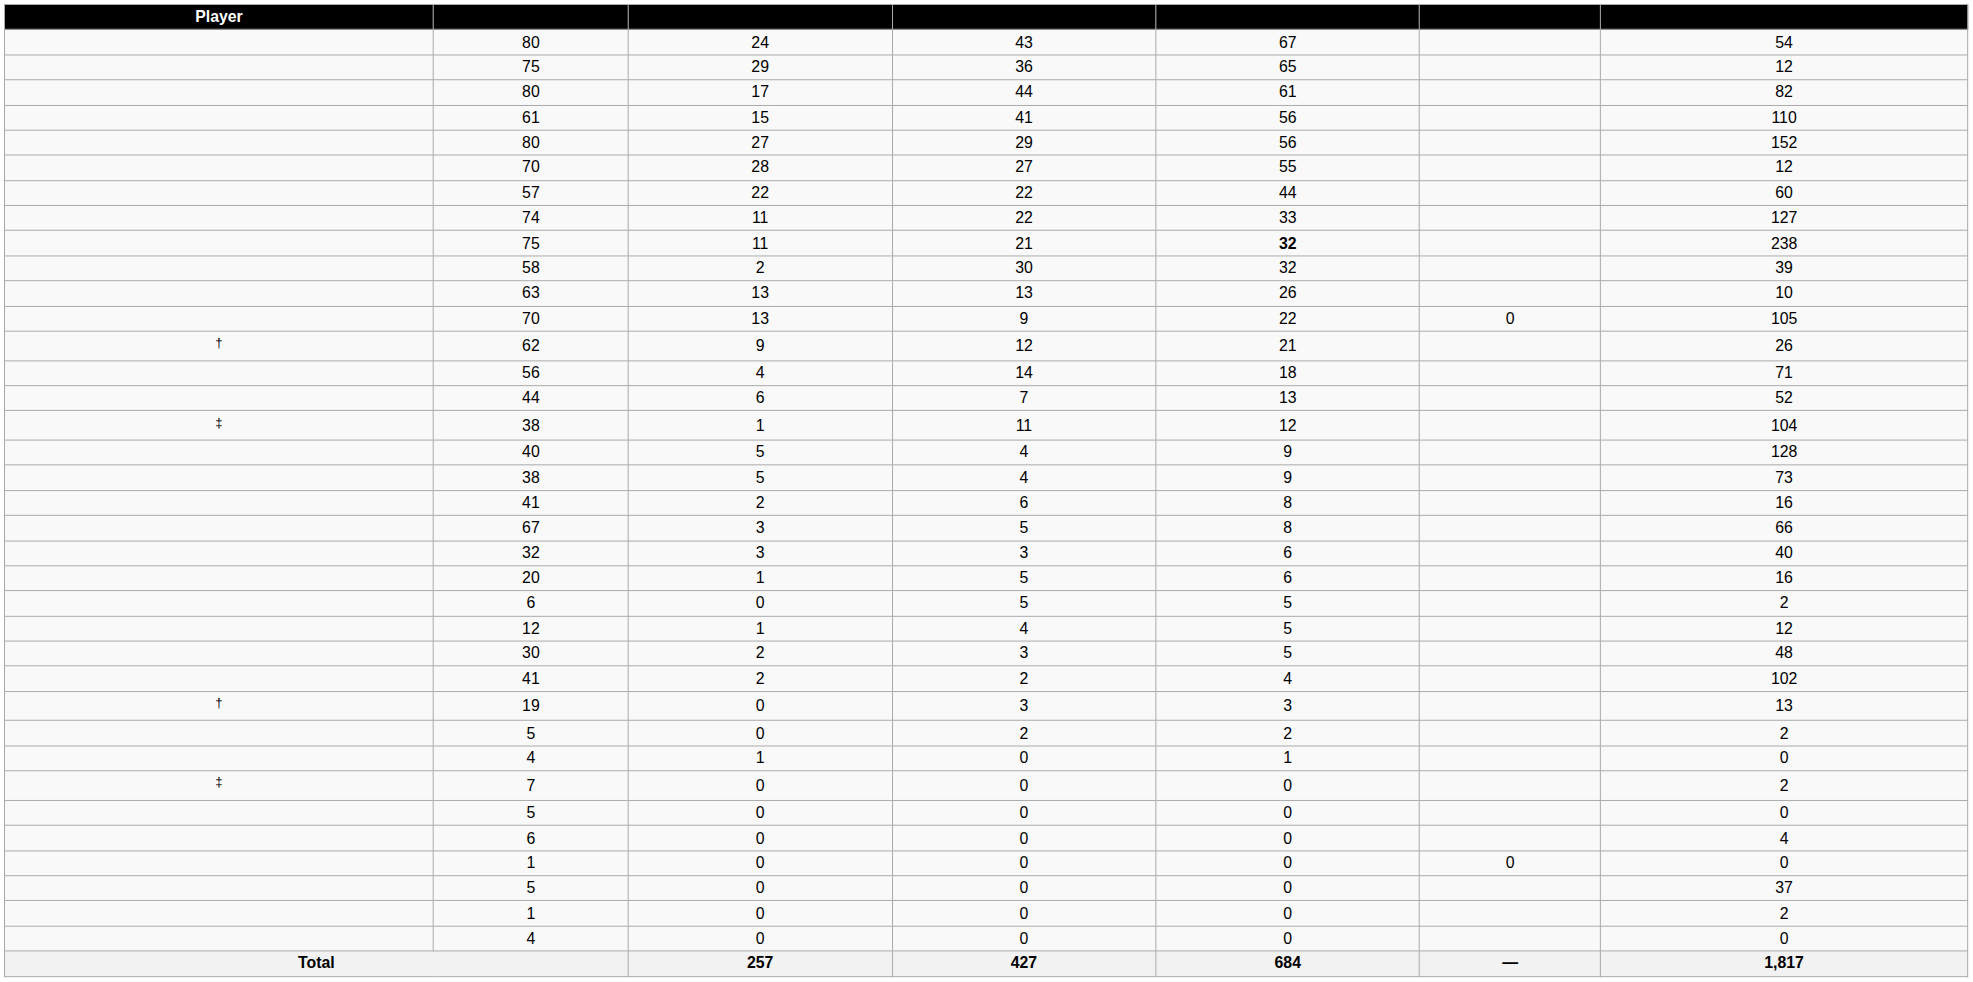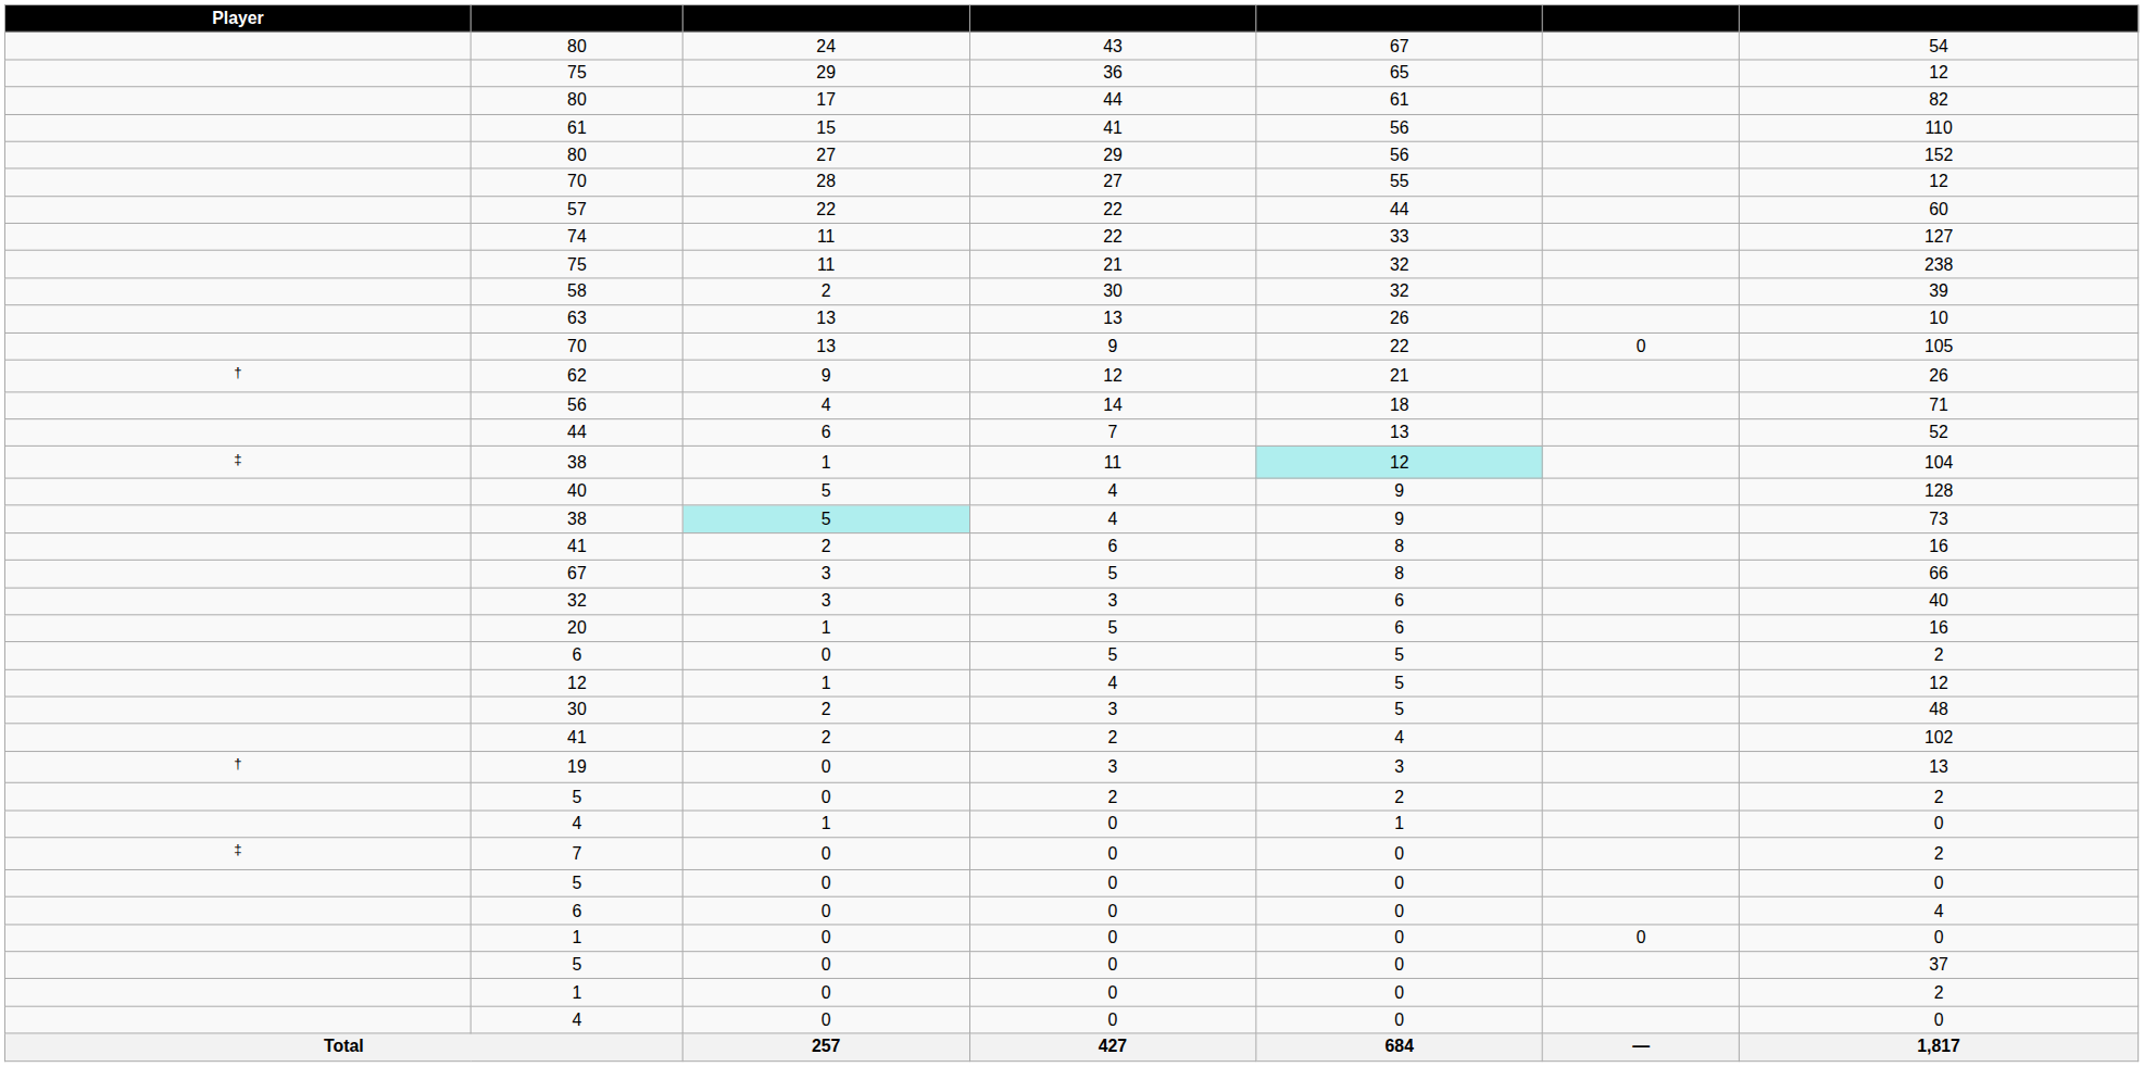 <table class="wikitable sortable" style="width:100%; text-align:center;">
 <tr align=center>
 <th style="color:white; background:#000000; ">Player</th>
 <th style="color:white; background:#000000; "></th>
 <th style="color:white; background:#000000; "></th>
 <th style="color:white; background:#000000; "></th>
 <th style="color:white; background:#000000; "></th>
 <th style="color:white; background:#000000; "></th>
 <th style="color:white; background:#000000; "></th>
 </tr>
 <tr>
 <td></td>
 <td>80</td>
 <td>24</td>
 <td>43</td>
 <td>67</td>
 <td></td>
 <td>54</td>
 </tr>
 <tr>
 <td></td>
 <td>75</td>
 <td>29</td>
 <td>36</td>
 <td>65</td>
 <td></td>
 <td>12</td>
 </tr>
 <tr>
 <td></td>
 <td>80</td>
 <td>17</td>
 <td>44</td>
 <td>61</td>
 <td></td>
 <td>82</td>
 </tr>
 <tr>
 <td></td>
 <td>61</td>
 <td>15</td>
 <td>41</td>
 <td>56</td>
 <td></td>
 <td>110</td>
 </tr>
 <tr>
 <td></td>
 <td>80</td>
 <td>27</td>
 <td>29</td>
 <td>56</td>
 <td></td>
 <td>152</td>
 </tr>
 <tr>
 <td></td>
 <td>70</td>
 <td>28</td>
 <td>27</td>
 <td>55</td>
 <td></td>
 <td>12</td>
 </tr>
 <tr>
 <td></td>
 <td>57</td>
 <td>22</td>
 <td>22</td>
 <td>44</td>
 <td></td>
 <td>60</td>
 </tr>
 <tr>
 <td></td>
 <td>74</td>
 <td>11</td>
 <td>22</td>
 <td>33</td>
 <td></td>
 <td>127</td>
 </tr>
 <tr>
 <td></td>
 <td>75</td>
 <td>11</td>
 <td>21</td>
-<td><strong>32</strong></td>
+<td>32</td>
 <td></td>
 <td>238</td>
 </tr>
 <tr>
 <td></td>
 <td>58</td>
 <td>2</td>
 <td>30</td>
 <td>32</td>
 <td></td>
 <td>39</td>
 </tr>
 <tr>
 <td></td>
 <td>63</td>
 <td>13</td>
 <td>13</td>
 <td>26</td>
 <td></td>
 <td>10</td>
 </tr>
 <tr>
 <td></td>
 <td>70</td>
 <td>13</td>
 <td>9</td>
 <td>22</td>
 <td>0</td>
 <td>105</td>
 </tr>
 <tr>
 <td><sup>†</sup></td>
 <td>62</td>
 <td>9</td>
 <td>12</td>
 <td>21</td>
 <td></td>
 <td>26</td>
 </tr>
 <tr>
 <td></td>
 <td>56</td>
 <td>4</td>
 <td>14</td>
 <td>18</td>
 <td></td>
 <td>71</td>
 </tr>
 <tr>
 <td></td>
 <td>44</td>
 <td>6</td>
 <td>7</td>
 <td>13</td>
 <td></td>
 <td>52</td>
 </tr>
 <tr>
 <td><sup>‡</sup></td>
 <td>38</td>
 <td>1</td>
 <td>11</td>
-<td>12</td>
+<td style="background: paleturquoise;">12</td>
 <td></td>
 <td>104</td>
 </tr>
 <tr>
 <td></td>
 <td>40</td>
 <td>5</td>
 <td>4</td>
 <td>9</td>
 <td></td>
 <td>128</td>
 </tr>
 <tr>
 <td></td>
 <td>38</td>
-<td>5</td>
+<td style="background: paleturquoise;">5</td>
 <td>4</td>
 <td>9</td>
 <td></td>
 <td>73</td>
 </tr>
 <tr>
 <td></td>
 <td>41</td>
 <td>2</td>
 <td>6</td>
 <td>8</td>
 <td></td>
 <td>16</td>
 </tr>
 <tr>
 <td></td>
 <td>67</td>
 <td>3</td>
 <td>5</td>
 <td>8</td>
 <td></td>
 <td>66</td>
 </tr>
 <tr>
 <td></td>
 <td>32</td>
 <td>3</td>
 <td>3</td>
 <td>6</td>
 <td></td>
 <td>40</td>
 </tr>
 <tr>
 <td></td>
 <td>20</td>
 <td>1</td>
 <td>5</td>
 <td>6</td>
 <td></td>
 <td>16</td>
 </tr>
 <tr>
 <td></td>
 <td>6</td>
 <td>0</td>
 <td>5</td>
 <td>5</td>
 <td></td>
 <td>2</td>
 </tr>
 <tr>
 <td></td>
 <td>12</td>
 <td>1</td>
 <td>4</td>
 <td>5</td>
 <td></td>
 <td>12</td>
 </tr>
 <tr>
 <td></td>
 <td>30</td>
 <td>2</td>
 <td>3</td>
 <td>5</td>
 <td></td>
 <td>48</td>
 </tr>
 <tr>
 <td></td>
 <td>41</td>
 <td>2</td>
 <td>2</td>
 <td>4</td>
 <td></td>
 <td>102</td>
 </tr>
 <tr>
 <td><sup>†</sup></td>
 <td>19</td>
 <td>0</td>
 <td>3</td>
 <td>3</td>
 <td></td>
 <td>13</td>
 </tr>
 <tr>
 <td></td>
 <td>5</td>
 <td>0</td>
 <td>2</td>
 <td>2</td>
 <td></td>
 <td>2</td>
 </tr>
 <tr>
 <td></td>
 <td>4</td>
 <td>1</td>
 <td>0</td>
 <td>1</td>
 <td></td>
 <td>0</td>
 </tr>
 <tr>
 <td><sup>‡</sup></td>
 <td>7</td>
 <td>0</td>
 <td>0</td>
 <td>0</td>
 <td></td>
 <td>2</td>
 </tr>
 <tr>
 <td></td>
 <td>5</td>
 <td>0</td>
 <td>0</td>
 <td>0</td>
 <td></td>
 <td>0</td>
 </tr>
 <tr>
 <td></td>
 <td>6</td>
 <td>0</td>
 <td>0</td>
 <td>0</td>
 <td></td>
 <td>4</td>
 </tr>
 <tr>
 <td></td>
 <td>1</td>
 <td>0</td>
 <td>0</td>
 <td>0</td>
 <td>0</td>
 <td>0</td>
 </tr>
 <tr>
 <td></td>
 <td>5</td>
 <td>0</td>
 <td>0</td>
 <td>0</td>
 <td></td>
 <td>37</td>
 </tr>
 <tr>
 <td></td>
 <td>1</td>
 <td>0</td>
 <td>0</td>
 <td>0</td>
 <td></td>
 <td>2</td>
 </tr>
 <tr>
 <td></td>
 <td>4</td>
 <td>0</td>
 <td>0</td>
 <td>0</td>
 <td></td>
 <td>0</td>
 </tr>
 <tr class="sortbottom">
 <th colspan=2>Total</th>
 <th>257</th>
 <th>427</th>
 <th>684</th>
 <th>—</th>
 <th>1,817</th>
 </tr>
 </table>
